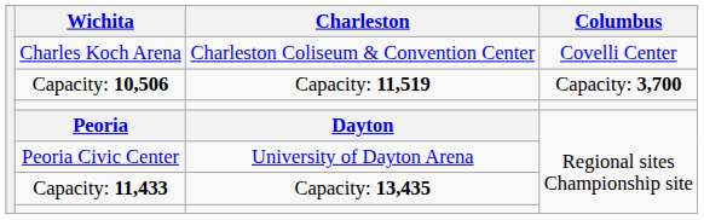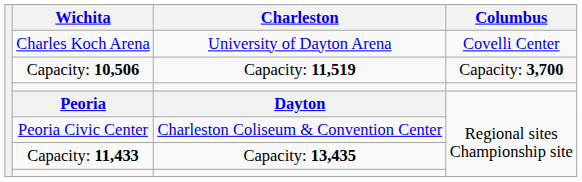 <table class="wikitable" style="margin:1em auto; text-align:center">
 <tr>
 <th rowspan=9></th>
 </tr>
 <tr>
 <th><a href='#'>Wichita</a></th>
 <th><a href='#'>Charleston</a></th>
 <th><a href='#'>Columbus</a></th>
 </tr>
 <tr>
 <td><a href='#'>Charles Koch Arena</a></td>
-<td><a href='#'>Charleston Coliseum & Convention Center</a></td>
+<td><a href='#'>University of Dayton Arena</a></td>
 <td><a href='#'>Covelli Center</a></td>
 </tr>
 <tr>
 <td>Capacity: <strong>10,506</strong></td>
 <td>Capacity: <strong>11,519</strong></td>
 <td>Capacity: <strong>3,700</strong></td>
 </tr>
 <tr>
 <td></td>
 <td></td>
 <td></td>
 </tr>
 <tr>
 <th><a href='#'>Peoria</a></th>
 <th><a href='#'>Dayton</a></th>
 <td rowspan=4><br> Regional sites<br>  Championship site</td>
 </tr>
 <tr>
 <td><a href='#'>Peoria Civic Center</a></td>
-<td><a href='#'>University of Dayton Arena</a></td>
+<td><a href='#'>Charleston Coliseum & Convention Center</a></td>
 </tr>
 <tr>
 <td>Capacity: <strong>11,433</strong></td>
 <td>Capacity: <strong>13,435</strong></td>
 </tr>
 <tr>
 <td></td>
 <td></td>
 </tr>
 <tr>
 </tr>
 </table>
